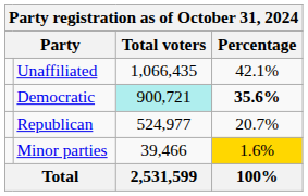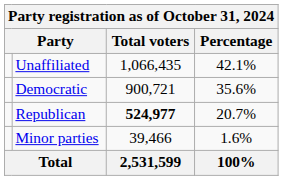 <table class=wikitable>
 <tr>
 <th colspan = 6>Party registration as of October 31, 2024 </th>
 </tr>
 <tr>
 <th colspan = 2>Party</th>
 <th>Total voters</th>
 <th>Percentage</th>
 </tr>
 <tr>
 <td></td>
 <td><a href='#'>Unaffiliated</a></td>
 <td align=center>1,066,435</td>
 <td align=center>42.1%</td>
 </tr>
 <tr>
 <td></td>
 <td><a href='#'>Democratic</a></td>
-<td align=center style="background: paleturquoise;">900,721</td>
-<td align=center><strong>35.6%</strong></td>
+<td align=center>900,721</td>
+<td align=center>35.6%</td>
 </tr>
 <tr>
 <td></td>
 <td><a href='#'>Republican</a></td>
-<td align=center>524,977</td>
+<td align=center><strong>524,977</strong></td>
 <td align=center>20.7%</td>
 </tr>
 <tr>
 <td></td>
 <td><a href='#'>Minor parties</a></td>
 <td align=center>39,466</td>
-<td align=center style="background: gold;">1.6%</td>
+<td align=center>1.6%</td>
 </tr>
 <tr>
 <th colspan = 2>Total</th>
 <th align=center>2,531,599</th>
 <th align=center>100%</th>
 </tr>
 </table>
